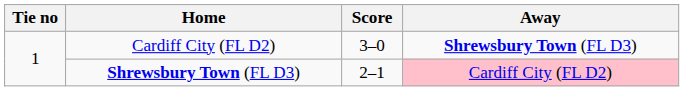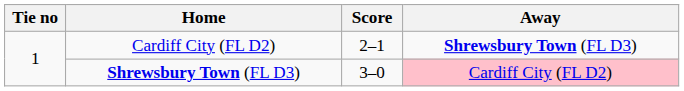 <table class="wikitable" style="text-align:center">
 <tr>
 <th width=50>Tie no</th>
 <th width=250>Home</th>
 <th width=50>Score</th>
 <th width=250>Away</th>
 </tr>
 <tr>
 <td rowspan=2>1</td>
 <td><a href='#'>Cardiff City</a> (<a href='#'>FL D2</a>)</td>
-<td>3–0</td>
+<td>2–1</td>
 <td><strong><a href='#'>Shrewsbury Town</a></strong> (<a href='#'>FL D3</a>)</td>
 </tr>
 <tr>
 <td><strong><a href='#'>Shrewsbury Town</a></strong> (<a href='#'>FL D3</a>)</td>
-<td>2–1</td>
+<td>3–0</td>
 <td style="background: pink;"><a href='#'>Cardiff City</a> (<a href='#'>FL D2</a>)</td>
 </tr>
 </table>
